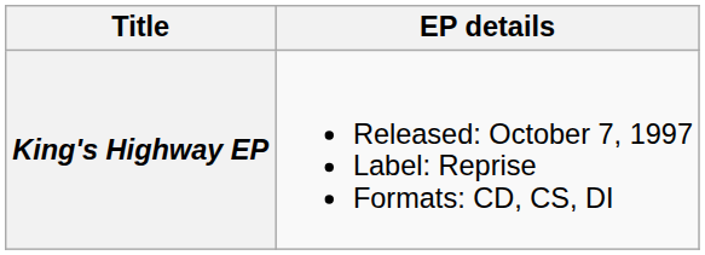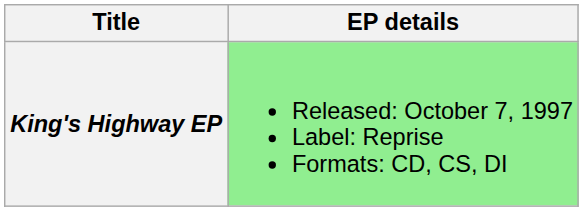 <table class="wikitable plainrowheaders">
 <tr>
 <th>Title</th>
 <th>EP details</th>
 </tr>
 <tr>
 <th scope="row"><em>King's Highway EP</em></th>
-<td><br><ul><li>Released: October 7, 1997</li><li>Label: Reprise</li><li>Formats: CD, CS, DI</li></ul></td>
+<td style="background: lightgreen;"><br><ul><li>Released: October 7, 1997</li><li>Label: Reprise</li><li>Formats: CD, CS, DI</li></ul></td>
 </tr>
 </table>
